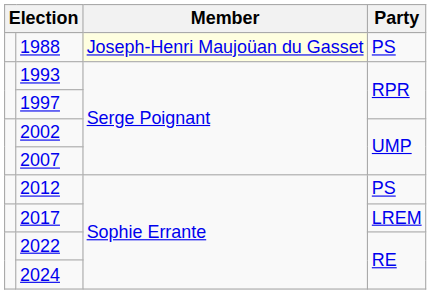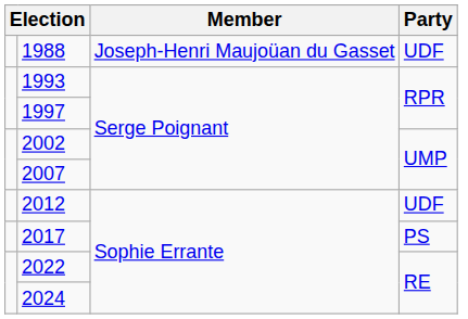 <table class="wikitable">
 <tr>
 <th colspan="2">Election</th>
 <th>Member</th>
 <th>Party</th>
 </tr>
 <tr>
 <td style="color:inherit;background-color: "></td>
 <td><a href='#'>1988</a></td>
-<td style="background: lightyellow;"><a href='#'>Joseph-Henri Maujoüan du Gasset</a></td>
-<td><a href='#'>PS</a></td>
+<td><a href='#'>Joseph-Henri Maujoüan du Gasset</a></td>
+<td><a href='#'>UDF</a></td>
 </tr>
 <tr>
 <td rowspan="2" style="color:inherit;background-color: "></td>
 <td><a href='#'>1993</a></td>
 <td rowspan="4"><a href='#'>Serge Poignant</a></td>
 <td rowspan="2"><a href='#'>RPR</a></td>
 </tr>
 <tr>
 <td><a href='#'>1997</a></td>
 </tr>
 <tr>
 <td rowspan="2" style="color:inherit;background-color: "></td>
 <td><a href='#'>2002</a></td>
 <td rowspan="2"><a href='#'>UMP</a></td>
 </tr>
 <tr>
 <td><a href='#'>2007</a></td>
 </tr>
 <tr>
 <td style="color:inherit;background-color: "></td>
 <td><a href='#'>2012</a></td>
 <td rowspan="4"><a href='#'>Sophie Errante</a></td>
-<td><a href='#'>PS</a></td>
+<td><a href='#'>UDF</a></td>
 </tr>
 <tr>
 <td style="color:inherit;background-color: "></td>
 <td><a href='#'>2017</a></td>
-<td><a href='#'>LREM</a></td>
+<td><a href='#'>PS</a></td>
 </tr>
 <tr>
 <td rowspan="2" style="color:inherit;background-color: "></td>
 <td><a href='#'>2022</a></td>
 <td rowspan="2"><a href='#'>RE</a></td>
 </tr>
 <tr>
 <td><a href='#'>2024</a></td>
 </tr>
 </table>
